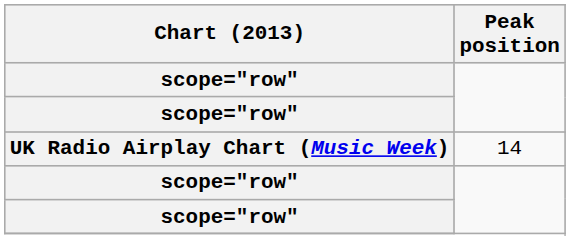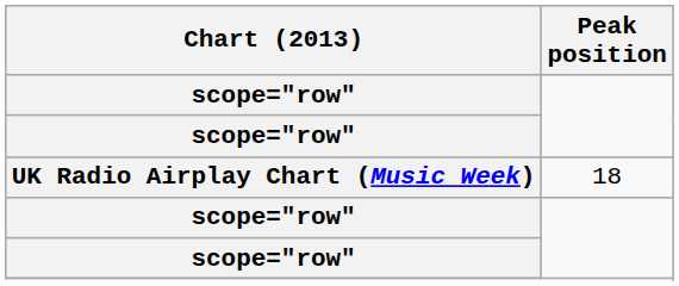 <table class="wikitable plainrowheaders sortable">
 <tr>
 <th>Chart (2013)</th>
 <th>Peak<br>position</th>
 </tr>
 <tr>
 <th>scope="row" </th>
 </tr>
 <tr>
 <th>scope="row" </th>
 </tr>
 <tr>
 <th scope="row">UK Radio Airplay Chart (<em><a href='#'>Music Week</a></em>)</th>
-<td align="center">14</td>
+<td align="center">18</td>
 </tr>
 <tr>
 <th>scope="row" </th>
 </tr>
 <tr>
 <th>scope="row" </th>
 </tr>
 <tr>
 </tr>
 </table>
